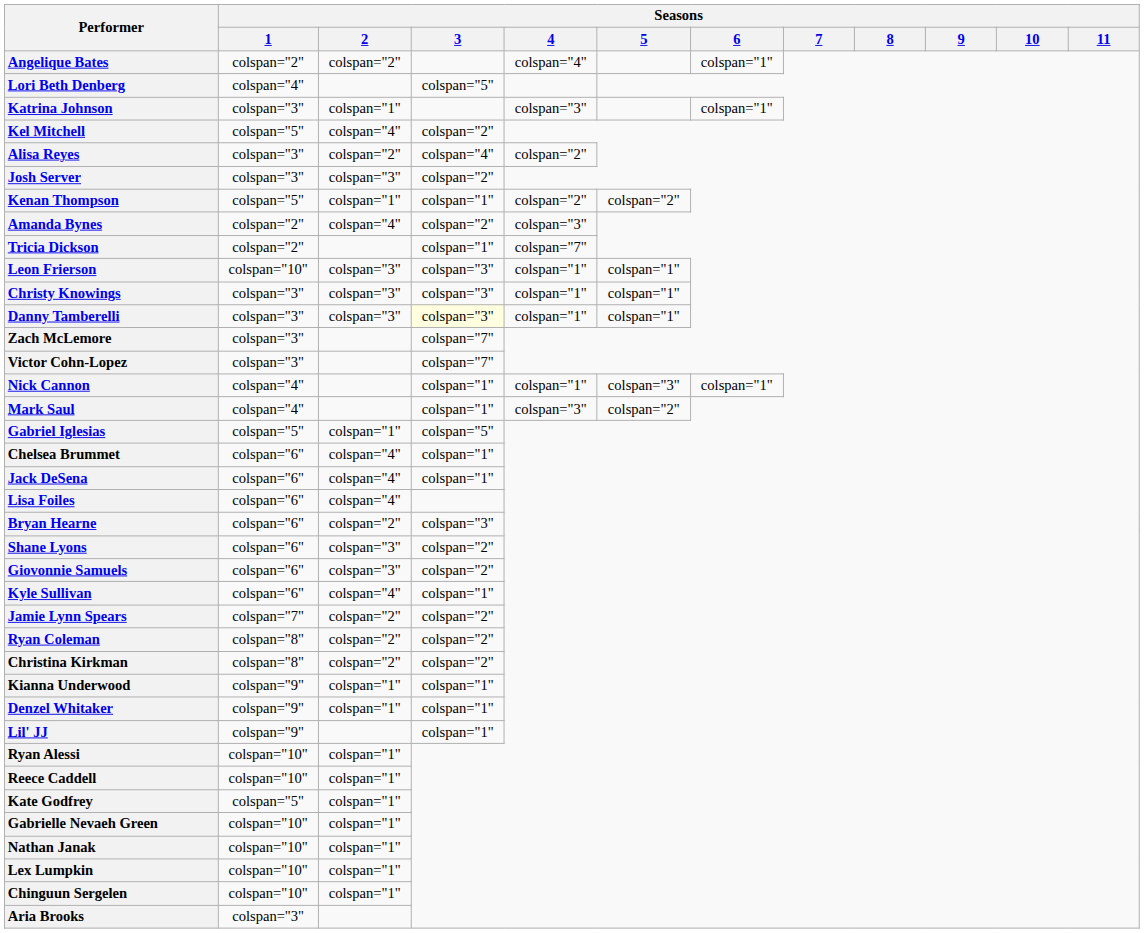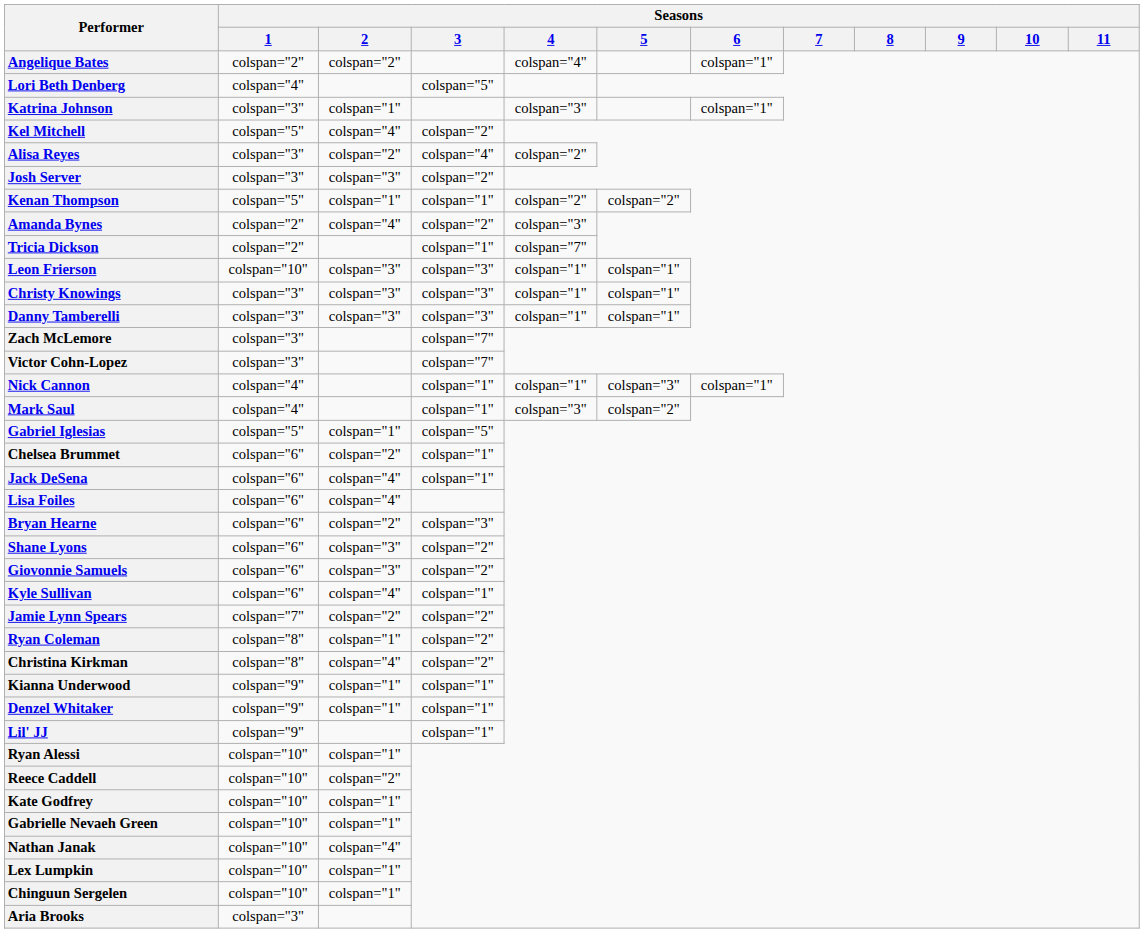 <table class="wikitable sortable" style="text-align:center">
 <tr>
 <th scope="col" rowspan="2" style="width:15%;">Performer</th>
 <th class="unsortable" scope="col" colspan="100%">Seasons</th>
 </tr>
 <tr>
 <th scope="col" style="width:5%;"><a href='#'>1</a></th>
 <th scope="col" style="width:5%;"><a href='#'>2</a></th>
 <th scope="col" style="width:5%;"><a href='#'>3</a></th>
 <th scope="col" style="width:5%;"><a href='#'>4</a></th>
 <th scope="col" style="width:5%;"><a href='#'>5</a></th>
 <th scope="col" style="width:5%;"><a href='#'>6</a></th>
 <th scope="col" style="width:5%;"><a href='#'>7</a></th>
 <th scope="col" style="width:5%;"><a href='#'>8</a></th>
 <th scope="col" style="width:5%;"><a href='#'>9</a></th>
 <th scope="col" style="width:5%;"><a href='#'>10</a></th>
 <th scope="col" style="width:5%;"><a href='#'>11</a></th>
 </tr>
 <tr>
 <th scope="row" style="text-align:left;"><a href='#'>Angelique Bates</a></th>
 <td>colspan="2" </td>
 <td>colspan="2" </td>
 <td></td>
 <td>colspan="4" </td>
 <td></td>
 <td>colspan="1" </td>
 </tr>
 <tr>
 <th scope="row" style="text-align:left;"><a href='#'>Lori Beth Denberg</a></th>
 <td>colspan="4" </td>
 <td></td>
 <td>colspan="5" </td>
 <td></td>
 </tr>
 <tr>
 <th scope="row" style="text-align:left;"><a href='#'>Katrina Johnson</a></th>
 <td>colspan="3" </td>
 <td>colspan="1" </td>
 <td></td>
 <td>colspan="3" </td>
 <td></td>
 <td>colspan="1" </td>
 </tr>
 <tr>
 <th scope="row" style="text-align:left;"><a href='#'>Kel Mitchell</a></th>
 <td>colspan="5" </td>
 <td>colspan="4" </td>
 <td>colspan="2" </td>
 </tr>
 <tr>
 <th scope="row" style="text-align:left;"><a href='#'>Alisa Reyes</a></th>
 <td>colspan="3" </td>
 <td>colspan="2" </td>
 <td>colspan="4" </td>
 <td>colspan="2" </td>
 </tr>
 <tr>
 <th scope="row" style="text-align:left;"><a href='#'>Josh Server</a></th>
 <td>colspan="3" </td>
 <td>colspan="3" </td>
 <td>colspan="2" </td>
 </tr>
 <tr>
 <th scope="row" style="text-align:left;"><a href='#'>Kenan Thompson</a></th>
 <td>colspan="5" </td>
 <td>colspan="1" </td>
 <td>colspan="1" </td>
 <td>colspan="2" </td>
 <td>colspan="2" </td>
 </tr>
 <tr>
 <th scope="row" style="text-align:left;"><a href='#'>Amanda Bynes</a></th>
 <td>colspan="2" </td>
 <td>colspan="4" </td>
 <td>colspan="2" </td>
 <td>colspan="3" </td>
 </tr>
 <tr>
 <th scope="row" style="text-align:left;"><a href='#'>Tricia Dickson</a></th>
 <td>colspan="2" </td>
 <td></td>
 <td>colspan="1" </td>
 <td>colspan="7" </td>
 </tr>
 <tr>
 <th scope="row" style="text-align:left;"><a href='#'>Leon Frierson</a></th>
 <td>colspan="10" </td>
 <td>colspan="3" </td>
 <td>colspan="3" </td>
 <td>colspan="1" </td>
 <td>colspan="1" </td>
 </tr>
 <tr>
 <th scope="row" style="text-align:left;"><a href='#'>Christy Knowings</a></th>
 <td>colspan="3" </td>
 <td>colspan="3" </td>
 <td>colspan="3" </td>
 <td>colspan="1" </td>
 <td>colspan="1" </td>
 </tr>
 <tr>
 <th scope="row" style="text-align:left;"><a href='#'>Danny Tamberelli</a></th>
 <td>colspan="3" </td>
 <td>colspan="3" </td>
-<td style="background: lightyellow;">colspan="3" </td>
+<td>colspan="3" </td>
 <td>colspan="1" </td>
 <td>colspan="1" </td>
 </tr>
 <tr>
 <th scope="row" style="text-align:left;">Zach McLemore</th>
 <td>colspan="3" </td>
 <td></td>
 <td>colspan="7" </td>
 </tr>
 <tr>
 <th scope="row" style="text-align:left;">Victor Cohn-Lopez</th>
 <td>colspan="3" </td>
 <td></td>
 <td>colspan="7" </td>
 </tr>
 <tr>
 <th scope="row" style="text-align:left;"><a href='#'>Nick Cannon</a></th>
 <td>colspan="4" </td>
 <td></td>
 <td>colspan="1" </td>
 <td>colspan="1" </td>
 <td>colspan="3" </td>
 <td>colspan="1" </td>
 </tr>
 <tr>
 <th scope="row" style="text-align:left;"><a href='#'>Mark Saul</a></th>
 <td>colspan="4" </td>
 <td></td>
 <td>colspan="1" </td>
 <td>colspan="3" </td>
 <td>colspan="2" </td>
 </tr>
 <tr>
 <th scope="row" style="text-align:left;"><a href='#'>Gabriel Iglesias</a></th>
 <td>colspan="5" </td>
 <td>colspan="1" </td>
 <td>colspan="5" </td>
 </tr>
 <tr>
 <th scope="row" style="text-align:left;">Chelsea Brummet</th>
 <td>colspan="6" </td>
-<td>colspan="4" </td>
+<td>colspan="2" </td>
 <td>colspan="1" </td>
 </tr>
 <tr>
 <th scope="row" style="text-align:left;"><a href='#'>Jack DeSena</a></th>
 <td>colspan="6" </td>
 <td>colspan="4" </td>
 <td>colspan="1" </td>
 </tr>
 <tr>
 <th scope="row" style="text-align:left;"><a href='#'>Lisa Foiles</a></th>
 <td>colspan="6" </td>
 <td>colspan="4" </td>
 <td></td>
 </tr>
 <tr>
 <th scope="row" style="text-align:left;"><a href='#'>Bryan Hearne</a></th>
 <td>colspan="6" </td>
 <td>colspan="2" </td>
 <td>colspan="3" </td>
 </tr>
 <tr>
 <th scope="row" style="text-align:left;"><a href='#'>Shane Lyons</a></th>
 <td>colspan="6" </td>
 <td>colspan="3" </td>
 <td>colspan="2" </td>
 </tr>
 <tr>
 <th scope="row" style="text-align:left;"><a href='#'>Giovonnie Samuels</a></th>
 <td>colspan="6" </td>
 <td>colspan="3" </td>
 <td>colspan="2" </td>
 </tr>
 <tr>
 <th scope="row" style="text-align:left;"><a href='#'>Kyle Sullivan</a></th>
 <td>colspan="6" </td>
 <td>colspan="4" </td>
 <td>colspan="1" </td>
 </tr>
 <tr>
 <th scope="row" style="text-align:left;"><a href='#'>Jamie Lynn Spears</a></th>
 <td>colspan="7" </td>
 <td>colspan="2" </td>
 <td>colspan="2" </td>
 </tr>
 <tr>
 <th scope="row" style="text-align:left;"><a href='#'>Ryan Coleman</a></th>
 <td>colspan="8" </td>
-<td>colspan="2" </td>
+<td>colspan="1" </td>
 <td>colspan="2" </td>
 </tr>
 <tr>
 <th scope="row" style="text-align:left;">Christina Kirkman</th>
 <td>colspan="8" </td>
-<td>colspan="2" </td>
+<td>colspan="4" </td>
 <td>colspan="2" </td>
 </tr>
 <tr>
 <th scope="row" style="text-align:left;">Kianna Underwood</th>
 <td>colspan="9" </td>
 <td>colspan="1" </td>
 <td>colspan="1" </td>
 </tr>
 <tr>
 <th scope="row" style="text-align:left;"><a href='#'>Denzel Whitaker</a></th>
 <td>colspan="9" </td>
 <td>colspan="1" </td>
 <td>colspan="1" </td>
 </tr>
 <tr>
 <th scope="row" style="text-align:left;"><a href='#'>Lil' JJ</a></th>
 <td>colspan="9" </td>
 <td></td>
 <td>colspan="1" </td>
 </tr>
 <tr>
 <th scope="row" style="text-align:left;">Ryan Alessi</th>
 <td>colspan="10" </td>
 <td>colspan="1" </td>
 </tr>
 <tr>
 <th scope="row" style="text-align:left;">Reece Caddell</th>
 <td>colspan="10" </td>
-<td>colspan="1" </td>
+<td>colspan="2" </td>
 </tr>
 <tr>
 <th scope="row" style="text-align:left;">Kate Godfrey</th>
-<td>colspan="5" </td>
+<td>colspan="10" </td>
 <td>colspan="1" </td>
 </tr>
 <tr>
 <th scope="row" style="text-align:left;">Gabrielle Nevaeh Green</th>
 <td>colspan="10" </td>
 <td>colspan="1" </td>
 </tr>
 <tr>
 <th scope="row" style="text-align:left;">Nathan Janak</th>
 <td>colspan="10" </td>
-<td>colspan="1" </td>
+<td>colspan="4" </td>
 </tr>
 <tr>
 <th scope="row" style="text-align:left;">Lex Lumpkin</th>
 <td>colspan="10" </td>
 <td>colspan="1" </td>
 </tr>
 <tr>
 <th scope="row" style="text-align:left;">Chinguun Sergelen</th>
 <td>colspan="10" </td>
 <td>colspan="1" </td>
 </tr>
 <tr>
 <th scope="row" style="text-align:left;">Aria Brooks</th>
 <td>colspan="3" </td>
 <td></td>
 </tr>
 </table>
